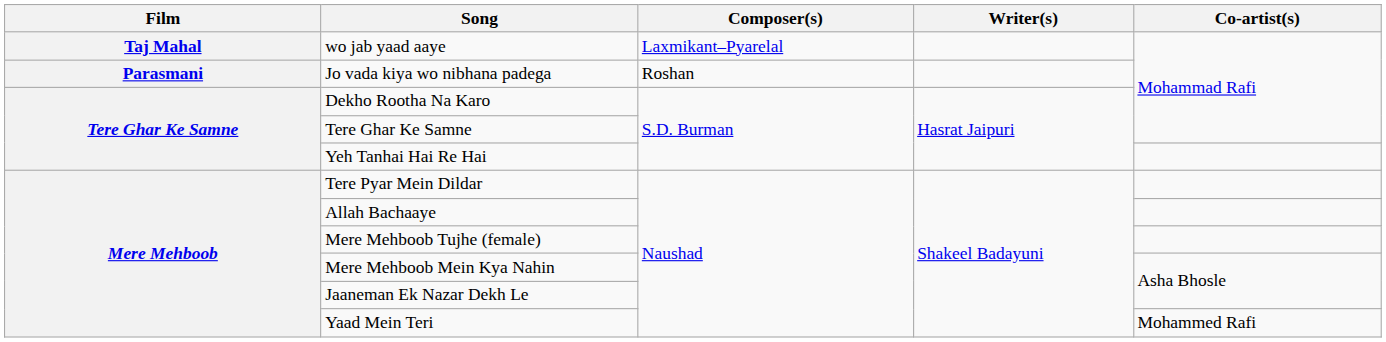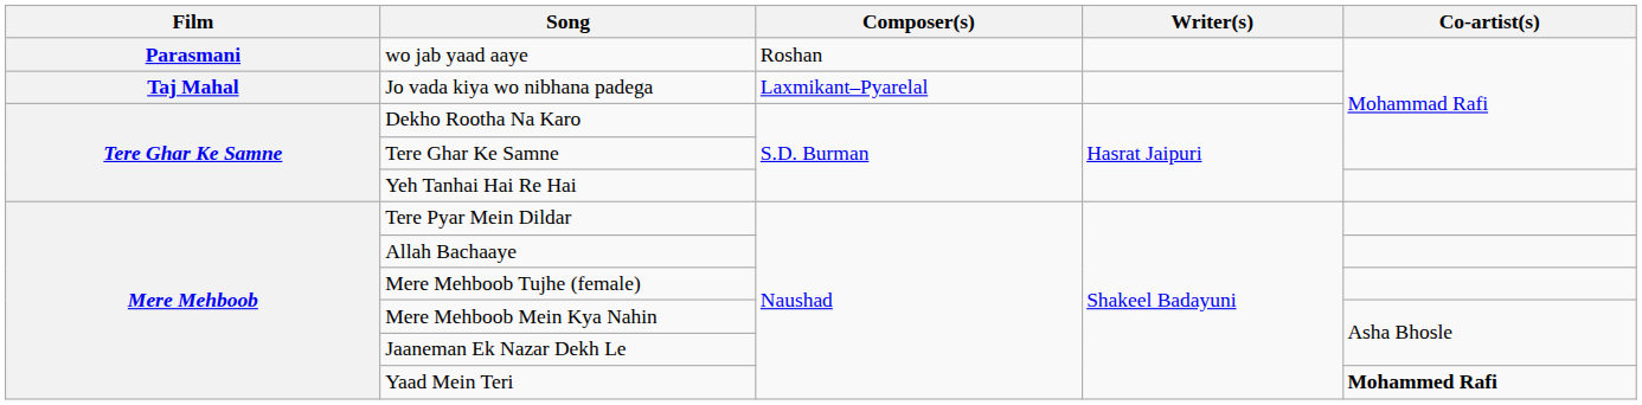 <table class="wikitable plainrowheaders" style="width:100%; textcolor:#000">
 <tr style="background:#b0e0e66;">
 <th scope="col" style="width:23%;"><strong>Film</strong></th>
 <th scope="col" style="width:23%;"><strong>Song</strong></th>
 <th scope="col" style="width:20%;"><strong>Composer(s)</strong></th>
 <th scope="col" style="width:16%;"><strong>Writer(s)</strong></th>
 <th scope="col" style="width:18%;"><strong>Co-artist(s)</strong></th>
 </tr>
 <tr>
-<th><a href='#'>Taj Mahal</a></th>
+<th><a href='#'>Parasmani</a></th>
 <td>wo jab yaad aaye</td>
-<td><a href='#'>Laxmikant–Pyarelal</a></td>
+<td>Roshan</td>
 <td></td>
 <td rowspan=4><a href='#'>Mohammad Rafi</a></td>
 </tr>
 <tr>
-<th><a href='#'>Parasmani</a></th>
+<th><a href='#'>Taj Mahal</a></th>
 <td>Jo vada kiya wo nibhana padega</td>
-<td>Roshan</td>
+<td><a href='#'>Laxmikant–Pyarelal</a></td>
 <td></td>
 </tr>
 <tr>
 <th rowspan="3"><em><a href='#'>Tere Ghar Ke Samne</a></em></th>
 <td>Dekho Rootha Na Karo</td>
 <td rowspan="3"><a href='#'>S.D. Burman</a></td>
 <td rowspan="3"><a href='#'>Hasrat Jaipuri</a></td>
 </tr>
 <tr>
 <td>Tere Ghar Ke Samne</td>
 </tr>
 <tr>
 <td>Yeh Tanhai Hai Re Hai</td>
 <td></td>
 </tr>
 <tr>
 <th rowspan="6"><em><a href='#'>Mere Mehboob</a></em></th>
 <td>Tere Pyar Mein Dildar</td>
 <td rowspan="6"><a href='#'>Naushad</a></td>
 <td rowspan="6"><a href='#'>Shakeel Badayuni</a></td>
 <td></td>
 </tr>
 <tr>
 <td>Allah Bachaaye</td>
 <td></td>
 </tr>
 <tr>
 <td>Mere Mehboob Tujhe (female)</td>
 <td></td>
 </tr>
 <tr>
 <td>Mere Mehboob Mein Kya Nahin</td>
 <td rowspan="2">Asha Bhosle</td>
 </tr>
 <tr>
 <td>Jaaneman Ek Nazar Dekh Le</td>
 </tr>
 <tr>
 <td>Yaad Mein Teri</td>
-<td>Mohammed Rafi</td>
+<td><strong>Mohammed Rafi</strong></td>
 </tr>
 </table>
